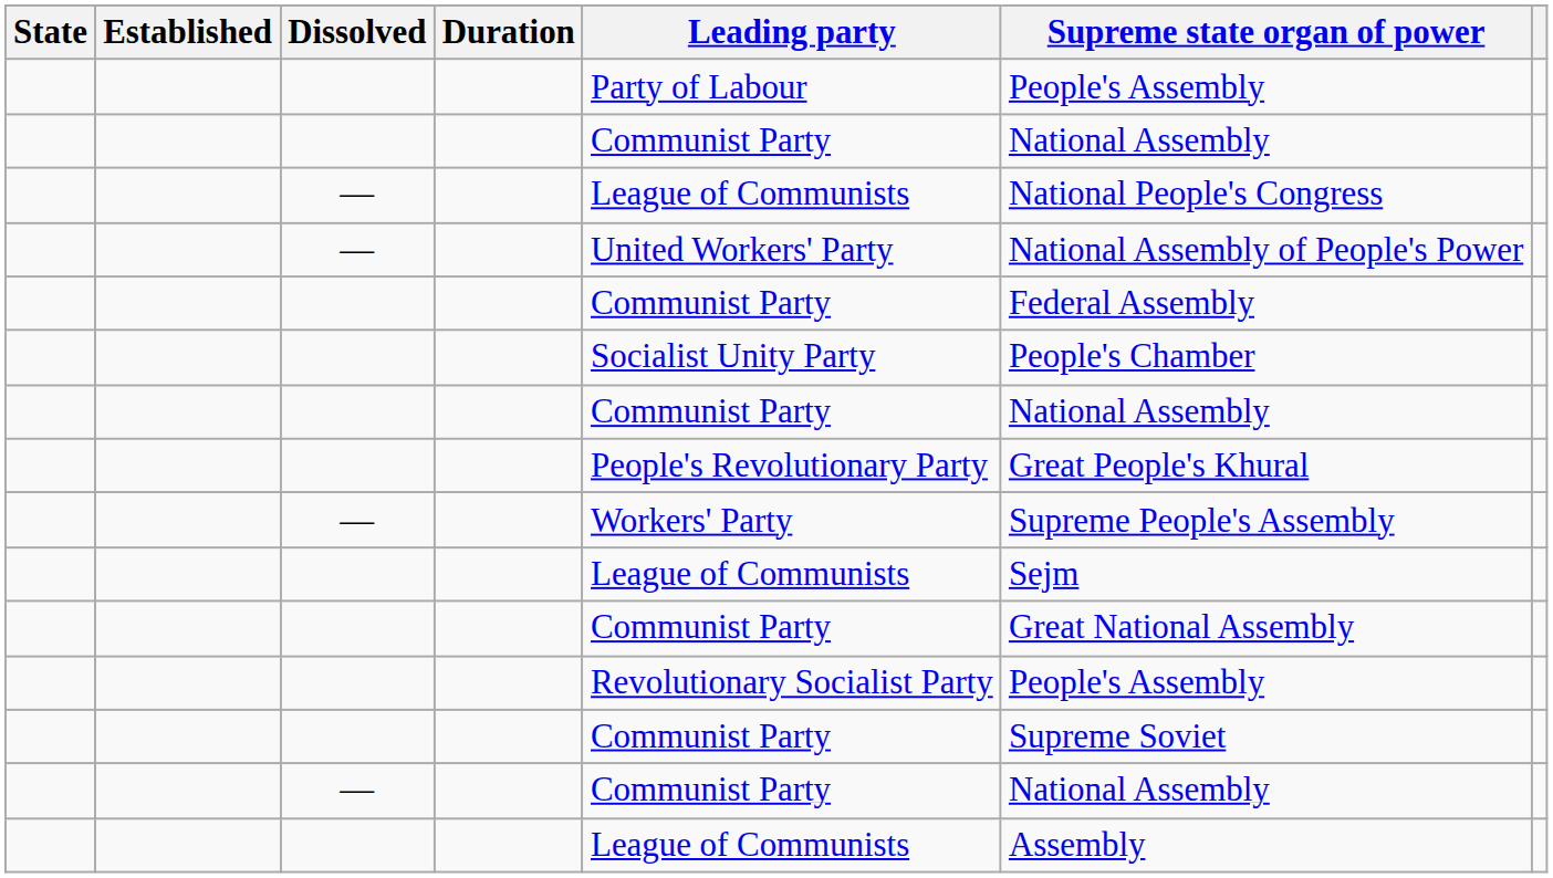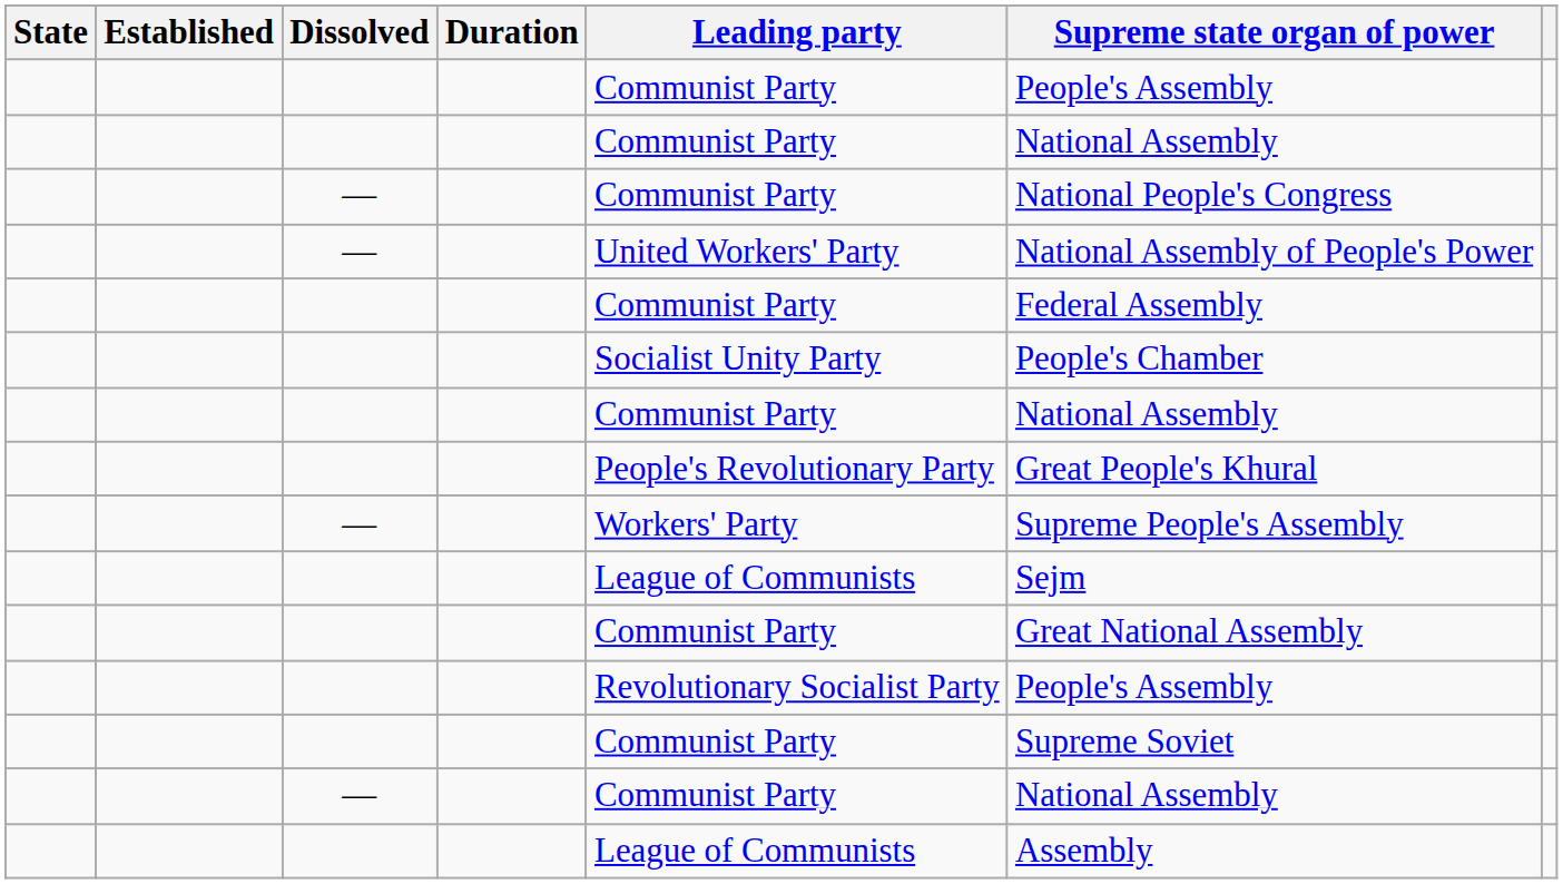 <table class="wikitable sortable" style=text-align:center>
 <tr>
 <th scope="col">State</th>
 <th scope="col">Established</th>
 <th scope="col">Dissolved</th>
 <th scope="col">Duration</th>
 <th scope="col"><a href='#'>Leading party</a></th>
 <th scope="col"><a href='#'>Supreme state organ of power</a></th>
 <th scope="col" class="unsortable"></th>
 </tr>
 <tr>
 <td align="left"></td>
 <td></td>
 <td></td>
 <td></td>
-<td align="left"><a href='#'>Party of Labour</a></td>
+<td align="left"><a href='#'>Communist Party</a></td>
 <td align="left"><a href='#'>People's Assembly</a></td>
 <td></td>
 </tr>
 <tr>
 <td align="left"></td>
 <td></td>
 <td></td>
 <td></td>
 <td align="left"><a href='#'>Communist Party</a></td>
 <td align="left"><a href='#'>National Assembly</a></td>
 <td></td>
 </tr>
 <tr>
 <td align="left"></td>
 <td></td>
 <td>—</td>
 <td></td>
-<td align="left"><a href='#'>League of Communists</a></td>
+<td align="left"><a href='#'>Communist Party</a></td>
 <td align="left"><a href='#'>National People's Congress</a></td>
 <td></td>
 </tr>
 <tr>
 <td align="left"></td>
 <td></td>
 <td>—</td>
 <td></td>
 <td align="left"><a href='#'>United Workers' Party</a></td>
 <td align="left"><a href='#'>National Assembly of People's Power</a></td>
 <td></td>
 </tr>
 <tr>
 <td align="left"></td>
 <td></td>
 <td></td>
 <td></td>
 <td align="left"><a href='#'>Communist Party</a></td>
 <td align="left"><a href='#'>Federal Assembly</a></td>
 <td></td>
 </tr>
 <tr>
 <td align="left"></td>
 <td></td>
 <td></td>
 <td></td>
 <td align="left"><a href='#'>Socialist Unity Party</a></td>
 <td align="left"><a href='#'>People's Chamber</a></td>
 <td></td>
 </tr>
 <tr>
 <td align="left"></td>
 <td></td>
 <td></td>
 <td></td>
 <td align="left"><a href='#'>Communist Party</a></td>
 <td align="left"><a href='#'>National Assembly</a></td>
 <td></td>
 </tr>
 <tr>
 <td align="left"></td>
 <td></td>
 <td></td>
 <td></td>
 <td align="left"><a href='#'>People's Revolutionary Party</a></td>
 <td align="left"><a href='#'>Great People's Khural</a></td>
 <td></td>
 </tr>
 <tr>
 <td align="left"></td>
 <td></td>
 <td>—</td>
 <td></td>
 <td align="left"><a href='#'>Workers' Party</a></td>
 <td align="left"><a href='#'>Supreme People's Assembly</a></td>
 <td></td>
 </tr>
 <tr>
 <td align="left"></td>
 <td></td>
 <td></td>
 <td></td>
 <td align="left"><a href='#'>League of Communists</a></td>
 <td align="left"><a href='#'>Sejm</a></td>
 <td></td>
 </tr>
 <tr>
 <td align="left"></td>
 <td></td>
 <td></td>
 <td></td>
 <td align="left"><a href='#'>Communist Party</a></td>
 <td align="left"><a href='#'>Great National Assembly</a></td>
 <td></td>
 </tr>
 <tr>
 <td align="left"></td>
 <td></td>
 <td></td>
 <td></td>
 <td align="left"><a href='#'>Revolutionary Socialist Party</a></td>
 <td align="left"><a href='#'>People's Assembly</a></td>
 <td></td>
 </tr>
 <tr>
 <td align="left"></td>
 <td><em></em></td>
 <td></td>
 <td><em></em></td>
 <td align="left"><a href='#'>Communist Party</a></td>
 <td align="left"><a href='#'>Supreme Soviet</a></td>
 <td></td>
 </tr>
 <tr>
 <td align="left"></td>
 <td></td>
 <td>—</td>
 <td></td>
 <td align="left"><a href='#'>Communist Party</a></td>
 <td align="left"><a href='#'>National Assembly</a></td>
 <td></td>
 </tr>
 <tr>
 <td align="left"></td>
 <td></td>
 <td></td>
 <td></td>
 <td align="left"><a href='#'>League of Communists</a></td>
 <td align="left"><a href='#'>Assembly</a></td>
 <td></td>
 </tr>
 </table>
